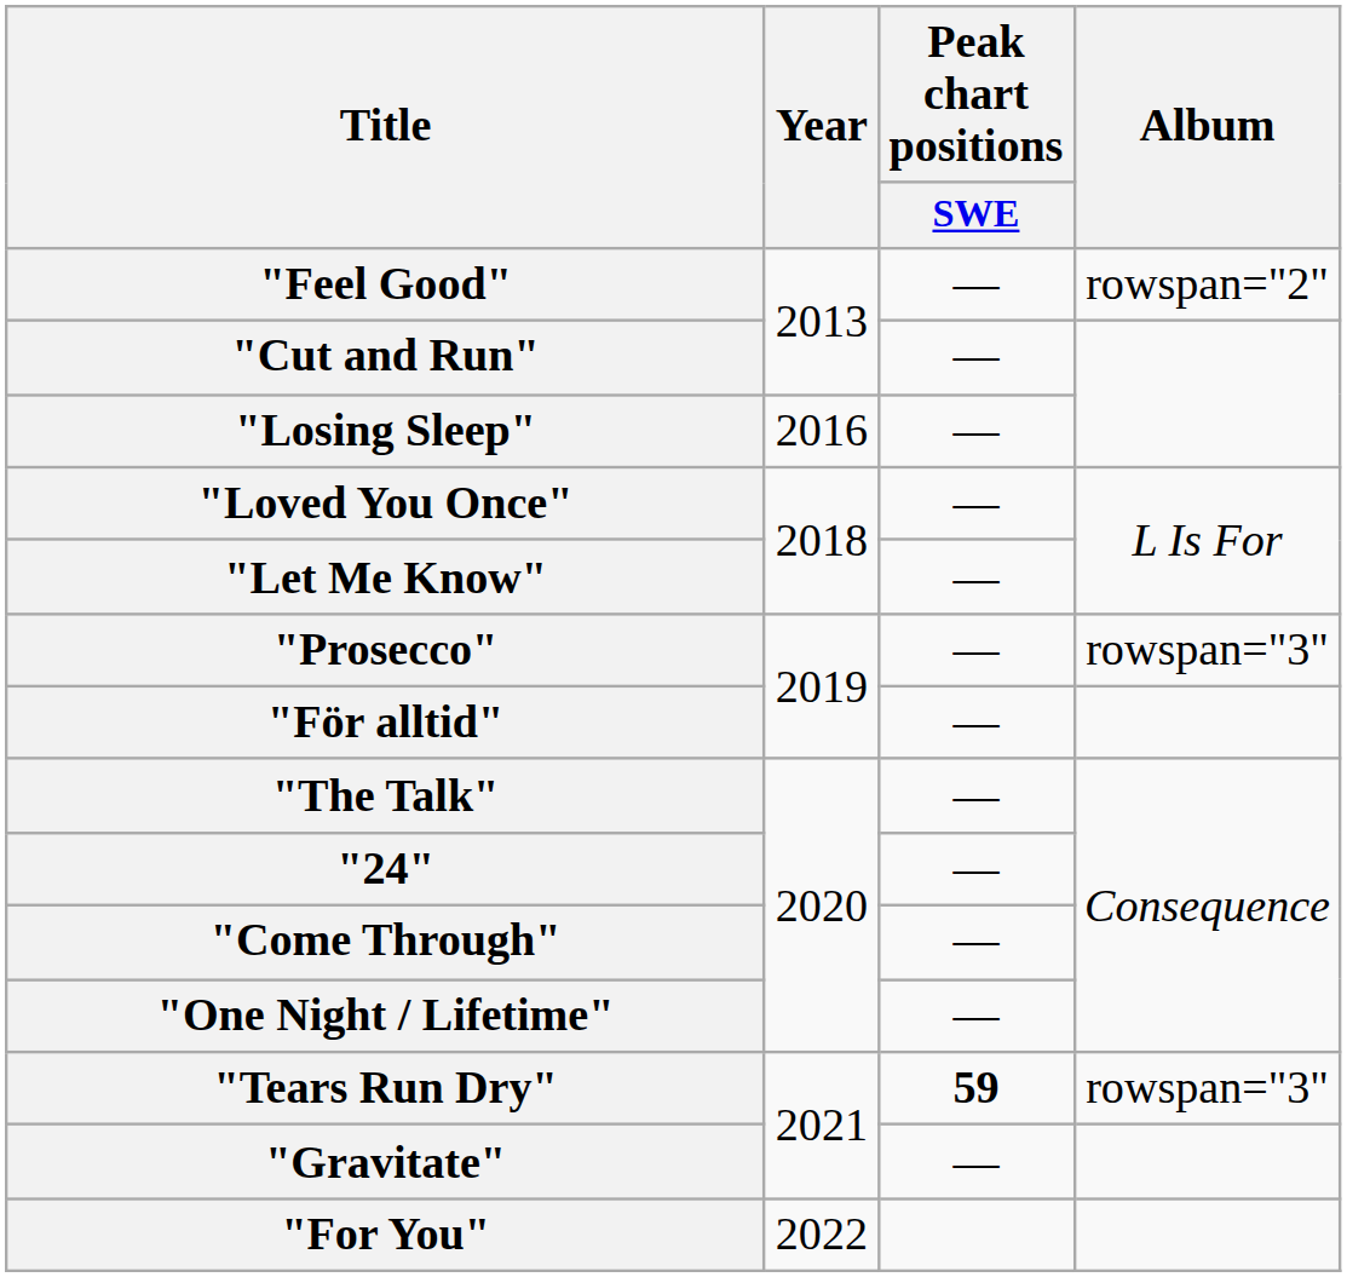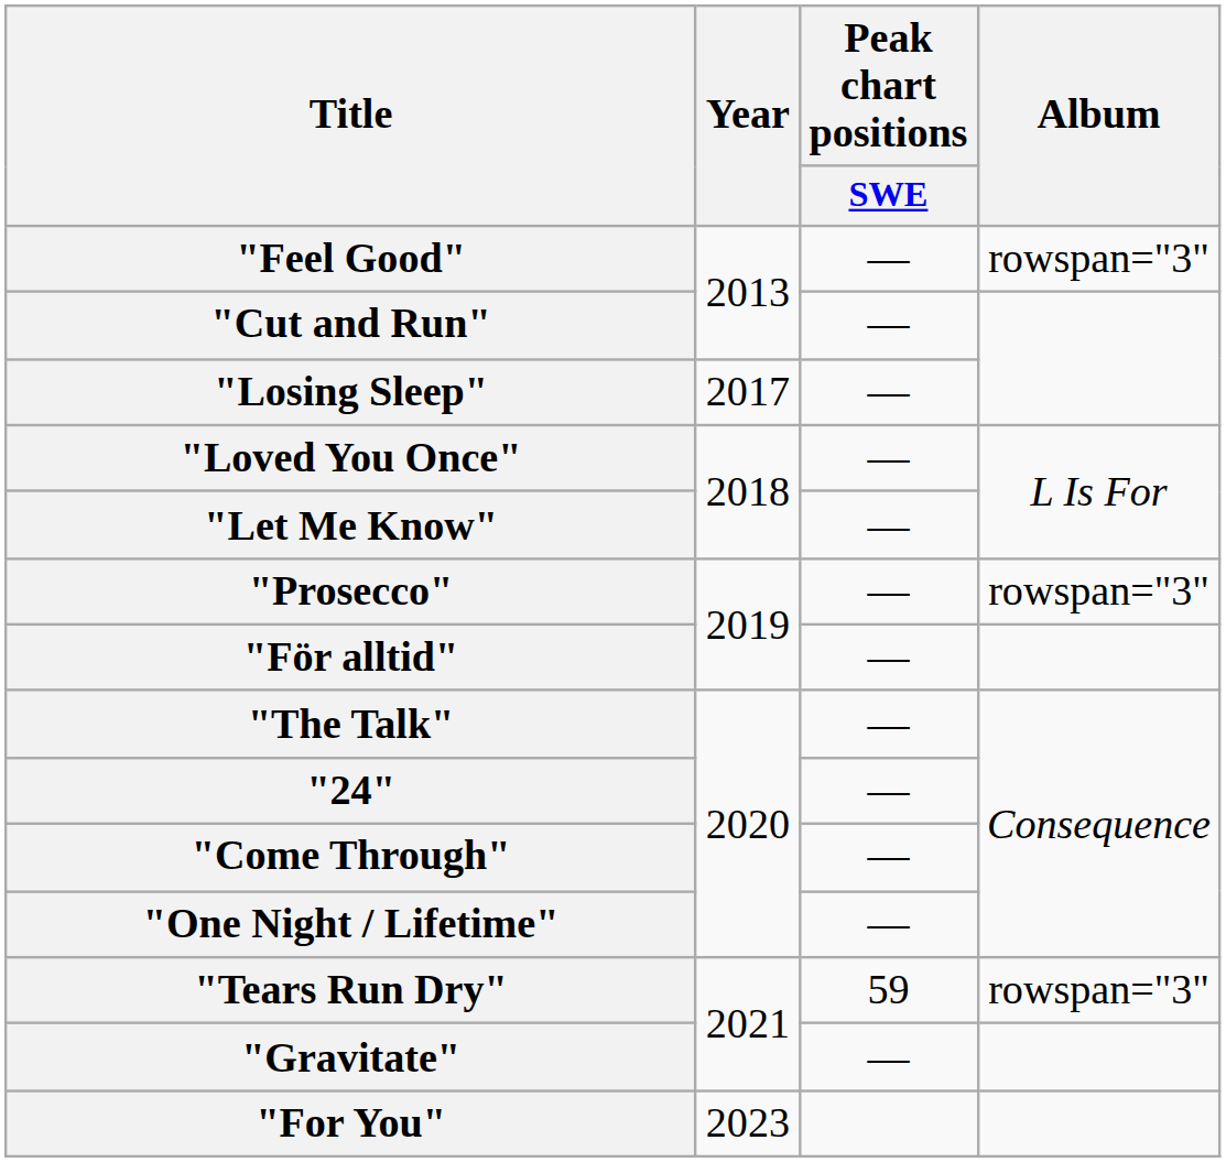 <table class="wikitable plainrowheaders" style="text-align:center;">
 <tr>
 <th scope="col" rowspan="2" style="width:16em;">Title</th>
 <th scope="col" rowspan="2" style="width:1em;">Year</th>
 <th scope="col" colspan="1">Peak chart positions</th>
 <th scope="col" rowspan="2">Album</th>
 </tr>
 <tr>
 <th scope="col" style="width:3em;font-size:85%;"><a href='#'>SWE</a><br></th>
 </tr>
 <tr>
 <th scope="row">"Feel Good"</th>
 <td rowspan="2">2013</td>
 <td>—</td>
-<td>rowspan="2" </td>
+<td>rowspan="3" </td>
 </tr>
 <tr>
 <th scope="row">"Cut and Run"</th>
 <td>—</td>
 </tr>
 <tr>
 <th scope="row">"Losing Sleep"</th>
-<td>2016</td>
+<td>2017</td>
 <td>—</td>
 </tr>
 <tr>
 <th scope="row">"Loved You Once"</th>
 <td rowspan="2">2018</td>
 <td>—</td>
 <td rowspan="2"><em>L Is For</em></td>
 </tr>
 <tr>
 <th scope="row">"Let Me Know"</th>
 <td>—</td>
 </tr>
 <tr>
 <th scope="row">"Prosecco"</th>
 <td rowspan="2">2019</td>
 <td>—</td>
 <td>rowspan="3" </td>
 </tr>
 <tr>
 <th scope="row">"För alltid"</th>
 <td>—</td>
 </tr>
 <tr>
 <th scope="row">"The Talk"</th>
 <td rowspan="4">2020</td>
 <td>—</td>
 <td rowspan="4"><em>Consequence</em></td>
 </tr>
 <tr>
 <th scope="row">"24"</th>
 <td>—</td>
 </tr>
 <tr>
 <th scope="row">"Come Through"</th>
 <td>—</td>
 </tr>
 <tr>
 <th scope="row">"One Night / Lifetime"</th>
 <td>—</td>
 </tr>
 <tr>
 <th scope="row">"Tears Run Dry"</th>
 <td rowspan="2">2021</td>
-<td><strong>59<br></strong></td>
+<td>59<br></td>
 <td>rowspan="3" </td>
 </tr>
 <tr>
 <th scope="row">"Gravitate"</th>
 <td>—</td>
 <td></td>
 </tr>
 <tr>
 <th scope="row">"For You"</th>
-<td>2022</td>
+<td>2023</td>
 <td></td>
 <td></td>
 </tr>
 <tr>
 </tr>
 </table>
